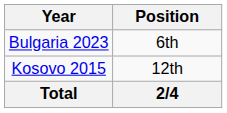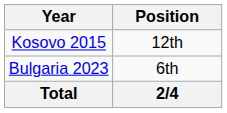 <table class="wikitable" style="text-align: center;">
 <tr>
 <th width="100">Year</th>
 <th width="100">Position</th>
 </tr>
 <tr>
+<td style="border:"><a href='#'>Kosovo 2015</a></td>
+<td>12th</td>
+</tr>
+<tr>
 <td style="border:"><a href='#'>Bulgaria 2023</a></td>
 <td>6th</td>
-</tr>
-<tr>
-<td style="border:"><a href='#'>Kosovo 2015</a></td>
-<td>12th</td>
 </tr>
 <tr>
 <th>Total</th>
 <th>2/4</th>
 </tr>
 </table>
